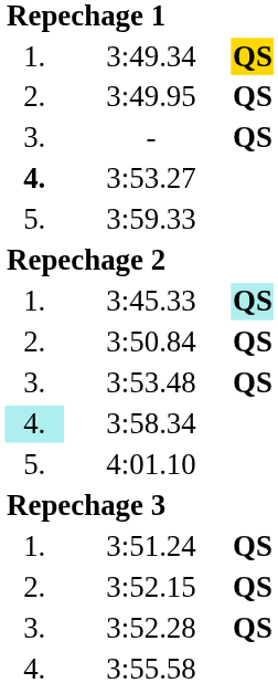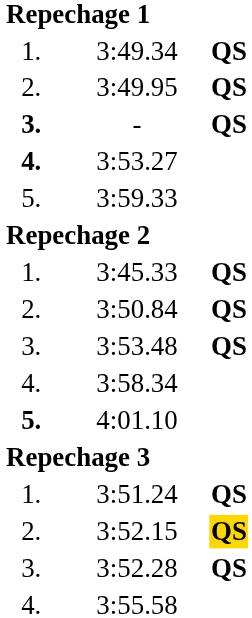 <table style="text-align:center">
 <tr>
 <td colspan=4 align=left><strong>Repechage 1</strong></td>
 </tr>
 <tr>
 <td width=30>1.</td>
 <td align=left></td>
 <td width=80>3:49.34</td>
-<td style="background: gold;"><strong>QS</strong></td>
+<td><strong>QS</strong></td>
 </tr>
 <tr>
 <td>2.</td>
 <td align=left></td>
 <td>3:49.95</td>
 <td><strong>QS</strong></td>
 </tr>
 <tr>
-<td>3.</td>
+<td><strong>3.</strong></td>
 <td align=left></td>
 <td>-</td>
 <td><strong>QS</strong></td>
 </tr>
 <tr>
 <td><strong>4.</strong></td>
 <td align=left></td>
 <td>3:53.27</td>
 <td></td>
 </tr>
 <tr>
 <td>5.</td>
 <td align=left></td>
 <td>3:59.33</td>
 <td></td>
 </tr>
 <tr>
 <td colspan=4 align=left><strong>Repechage 2</strong></td>
 </tr>
 <tr>
 <td>1.</td>
 <td align=left></td>
 <td>3:45.33</td>
-<td style="background: paleturquoise;"><strong>QS</strong></td>
+<td><strong>QS</strong></td>
 </tr>
 <tr>
 <td>2.</td>
 <td align=left></td>
 <td>3:50.84</td>
 <td><strong>QS</strong></td>
 </tr>
 <tr>
 <td>3.</td>
 <td align=left></td>
 <td>3:53.48</td>
 <td><strong>QS</strong></td>
 </tr>
 <tr>
-<td style="background: paleturquoise;">4.</td>
+<td>4.</td>
 <td align=left></td>
 <td>3:58.34</td>
 <td></td>
 </tr>
 <tr>
-<td>5.</td>
+<td><strong>5.</strong></td>
 <td align=left></td>
 <td>4:01.10</td>
 <td></td>
 </tr>
 <tr>
 <td colspan=4 align=left><strong>Repechage 3</strong></td>
 </tr>
 <tr>
 <td>1.</td>
 <td align=left></td>
 <td>3:51.24</td>
 <td><strong>QS</strong></td>
 </tr>
 <tr>
 <td>2.</td>
 <td align=left></td>
 <td>3:52.15</td>
-<td><strong>QS</strong></td>
+<td style="background: gold;"><strong>QS</strong></td>
 </tr>
 <tr>
 <td>3.</td>
 <td align=left></td>
 <td>3:52.28</td>
 <td><strong>QS</strong></td>
 </tr>
 <tr>
 <td>4.</td>
 <td align=left></td>
 <td>3:55.58</td>
 <td></td>
 </tr>
 </table>
